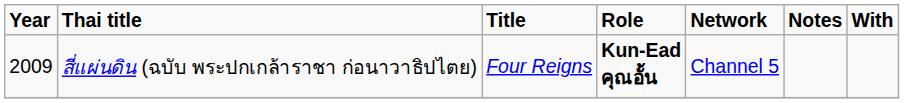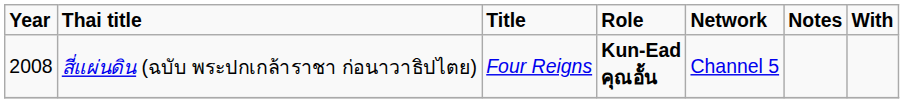 <table class="wikitable" style="font-size: 85%;">
 <tr>
 <td><strong>Year</strong></td>
 <td><strong>Thai title</strong></td>
 <td><strong>Title</strong></td>
 <td><strong>Role</strong></td>
 <td><strong>Network</strong></td>
 <td><strong>Notes</strong></td>
 <td><strong>With</strong></td>
 </tr>
 <tr>
-<td rowspan="1">2009</td>
+<td rowspan="1">2008</td>
 <td><em><a href='#'>สี่แผ่นดิน</a></em> (ฉบับ พระปกเกล้าราชา ก่อนาวาธิปไตย)</td>
 <td><em><a href='#'>Four Reigns</a></em></td>
 <td><strong>Kun-Ead <br> คุณอั้น</strong></td>
 <td><a href='#'>Channel 5</a></td>
 <td></td>
 <td></td>
 </tr>
 <tr>
 </tr>
 </table>
